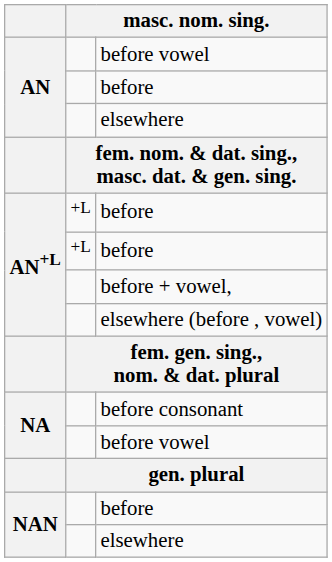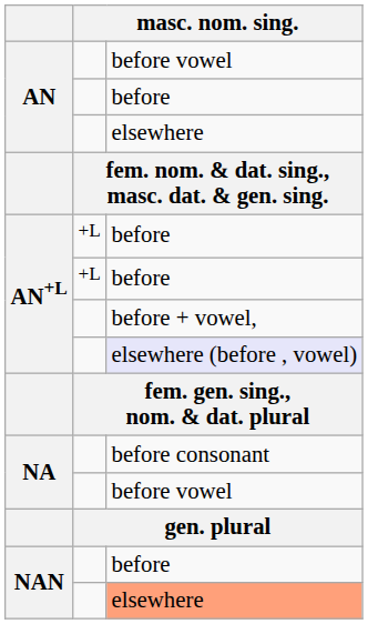 <table class="wikitable">
 <tr>
 <th></th>
 <th colspan="2">masc. nom. sing.</th>
 </tr>
 <tr>
 <th rowspan="3">AN</th>
 <td></td>
 <td>before vowel</td>
 </tr>
 <tr>
 <td></td>
 <td>before </td>
 </tr>
 <tr>
 <td></td>
 <td>elsewhere</td>
 </tr>
 <tr>
 <th></th>
 <th colspan="2">fem. nom. & dat. sing.,<br>masc. dat. & gen. sing.</th>
 </tr>
 <tr>
 <th rowspan="4">AN<sup>+L</sup></th>
 <td><sup>+L</sup></td>
 <td>before </td>
 </tr>
 <tr>
 <td><sup>+L</sup></td>
 <td>before </td>
 </tr>
 <tr>
 <td></td>
 <td>before  + vowel, </td>
 </tr>
 <tr>
 <td></td>
-<td>elsewhere (before , vowel)</td>
+<td style="background: lavender;">elsewhere (before , vowel)</td>
 </tr>
 <tr>
 <th></th>
 <th colspan="2">fem. gen. sing.,<br>nom. & dat. plural</th>
 </tr>
 <tr>
 <th rowspan="2">NA</th>
 <td></td>
 <td>before consonant</td>
 </tr>
 <tr>
 <td></td>
 <td>before vowel</td>
 </tr>
 <tr>
 <th></th>
 <th colspan="2">gen. plural</th>
 </tr>
 <tr>
 <th rowspan="2">NAN</th>
 <td></td>
 <td>before </td>
 </tr>
 <tr>
 <td></td>
-<td>elsewhere</td>
+<td style="background: lightsalmon;">elsewhere</td>
 </tr>
 </table>
